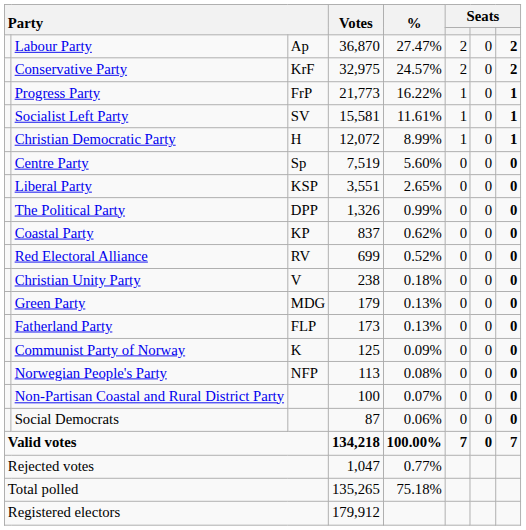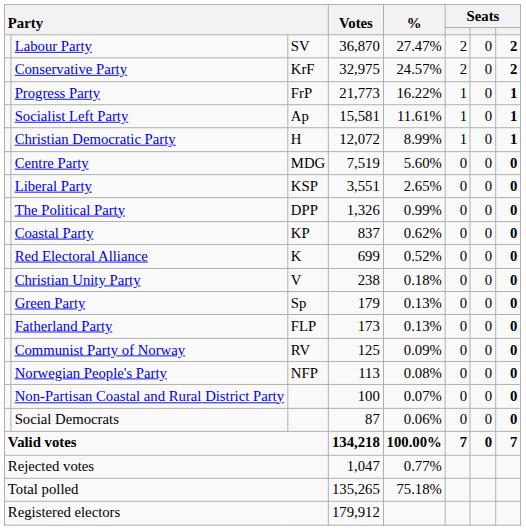 <table class="wikitable" border="1" style="text-align:right;">
 <tr>
 <th style="text-align:left;" valign=bottom rowspan=2 colspan=3>Party</th>
 <th align=center valign=bottom rowspan=2 width="50">Votes</th>
 <th align=center valign=bottom rowspan=2 width="50">%</th>
 <th colspan=3>Seats</th>
 </tr>
 <tr>
 <th align=center valign=bottom width="20"><small></small></th>
 <th align=center valign=bottom width="20"><small><a href='#'></a></small></th>
 <th align=center valign=bottom width="20"><small></small></th>
 </tr>
 <tr>
 <td style="color:inherit;background:"></td>
 <td align=left><a href='#'>Labour Party</a></td>
-<td align=left>Ap</td>
+<td align=left>SV</td>
 <td>36,870</td>
 <td>27.47%</td>
 <td>2</td>
 <td>0</td>
 <td><strong>2</strong></td>
 </tr>
 <tr>
 <td style="color:inherit;background:"></td>
 <td align=left><a href='#'>Conservative Party</a></td>
 <td align=left>KrF</td>
 <td>32,975</td>
 <td>24.57%</td>
 <td>2</td>
 <td>0</td>
 <td><strong>2</strong></td>
 </tr>
 <tr>
 <td style="color:inherit;background:"></td>
 <td align=left><a href='#'>Progress Party</a></td>
 <td align=left>FrP</td>
 <td>21,773</td>
 <td>16.22%</td>
 <td>1</td>
 <td>0</td>
 <td><strong>1</strong></td>
 </tr>
 <tr>
 <td style="color:inherit;background:"></td>
 <td align=left><a href='#'>Socialist Left Party</a></td>
-<td align=left>SV</td>
+<td align=left>Ap</td>
 <td>15,581</td>
 <td>11.61%</td>
 <td>1</td>
 <td>0</td>
 <td><strong>1</strong></td>
 </tr>
 <tr>
 <td style="color:inherit;background:"></td>
 <td align=left><a href='#'>Christian Democratic Party</a></td>
 <td align=left>H</td>
 <td>12,072</td>
 <td>8.99%</td>
 <td>1</td>
 <td>0</td>
 <td><strong>1</strong></td>
 </tr>
 <tr>
 <td style="color:inherit;background:"></td>
 <td align=left><a href='#'>Centre Party</a></td>
-<td align=left>Sp</td>
+<td align=left>MDG</td>
 <td>7,519</td>
 <td>5.60%</td>
 <td>0</td>
 <td>0</td>
 <td><strong>0</strong></td>
 </tr>
 <tr>
 <td style="color:inherit;background:"></td>
 <td align=left><a href='#'>Liberal Party</a></td>
 <td align=left>KSP</td>
 <td>3,551</td>
 <td>2.65%</td>
 <td>0</td>
 <td>0</td>
 <td><strong>0</strong></td>
 </tr>
 <tr>
 <td style="color:inherit;background:"></td>
 <td align=left><a href='#'>The Political Party</a></td>
 <td align=left>DPP</td>
 <td>1,326</td>
 <td>0.99%</td>
 <td>0</td>
 <td>0</td>
 <td><strong>0</strong></td>
 </tr>
 <tr>
 <td style="color:inherit;background:"></td>
 <td align=left><a href='#'>Coastal Party</a></td>
 <td align=left>KP</td>
 <td>837</td>
 <td>0.62%</td>
 <td>0</td>
 <td>0</td>
 <td><strong>0</strong></td>
 </tr>
 <tr>
 <td style="color:inherit;background:"></td>
 <td align=left><a href='#'>Red Electoral Alliance</a></td>
-<td align=left>RV</td>
+<td align=left>K</td>
 <td>699</td>
 <td>0.52%</td>
 <td>0</td>
 <td>0</td>
 <td><strong>0</strong></td>
 </tr>
 <tr>
 <td style="color:inherit;background:"></td>
 <td align=left><a href='#'>Christian Unity Party</a></td>
 <td align=left>V</td>
 <td>238</td>
 <td>0.18%</td>
 <td>0</td>
 <td>0</td>
 <td><strong>0</strong></td>
 </tr>
 <tr>
 <td style="color:inherit;background:"></td>
 <td align=left><a href='#'>Green Party</a></td>
-<td align=left>MDG</td>
+<td align=left>Sp</td>
 <td>179</td>
 <td>0.13%</td>
 <td>0</td>
 <td>0</td>
 <td><strong>0</strong></td>
 </tr>
 <tr>
 <td style="color:inherit;background:"></td>
 <td align=left><a href='#'>Fatherland Party</a></td>
 <td align=left>FLP</td>
 <td>173</td>
 <td>0.13%</td>
 <td>0</td>
 <td>0</td>
 <td><strong>0</strong></td>
 </tr>
 <tr>
 <td style="color:inherit;background:"></td>
 <td align=left><a href='#'>Communist Party of Norway</a></td>
-<td align=left>K</td>
+<td align=left>RV</td>
 <td>125</td>
 <td>0.09%</td>
 <td>0</td>
 <td>0</td>
 <td><strong>0</strong></td>
 </tr>
 <tr>
 <td style="color:inherit;background:"></td>
 <td align=left><a href='#'>Norwegian People's Party</a></td>
 <td align=left>NFP</td>
 <td>113</td>
 <td>0.08%</td>
 <td>0</td>
 <td>0</td>
 <td><strong>0</strong></td>
 </tr>
 <tr>
 <td></td>
 <td align=left><a href='#'>Non-Partisan Coastal and Rural District Party</a></td>
 <td align=left></td>
 <td>100</td>
 <td>0.07%</td>
 <td>0</td>
 <td>0</td>
 <td><strong>0</strong></td>
 </tr>
 <tr>
 <td></td>
 <td align=left>Social Democrats</td>
 <td align=left></td>
 <td>87</td>
 <td>0.06%</td>
 <td>0</td>
 <td>0</td>
 <td><strong>0</strong></td>
 </tr>
 <tr style="font-weight:bold">
 <td align=left colspan=3>Valid votes</td>
 <td>134,218</td>
 <td>100.00%</td>
 <td>7</td>
 <td>0</td>
 <td>7</td>
 </tr>
 <tr>
 <td align=left colspan=3>Rejected votes</td>
 <td>1,047</td>
 <td>0.77%</td>
 <td></td>
 <td></td>
 <td></td>
 </tr>
 <tr>
 <td align=left colspan=3>Total polled</td>
 <td>135,265</td>
 <td>75.18%</td>
 <td></td>
 <td></td>
 <td></td>
 </tr>
 <tr>
 <td align=left colspan=3>Registered electors</td>
 <td>179,912</td>
 <td></td>
 <td></td>
 <td></td>
 <td></td>
 </tr>
 </table>
